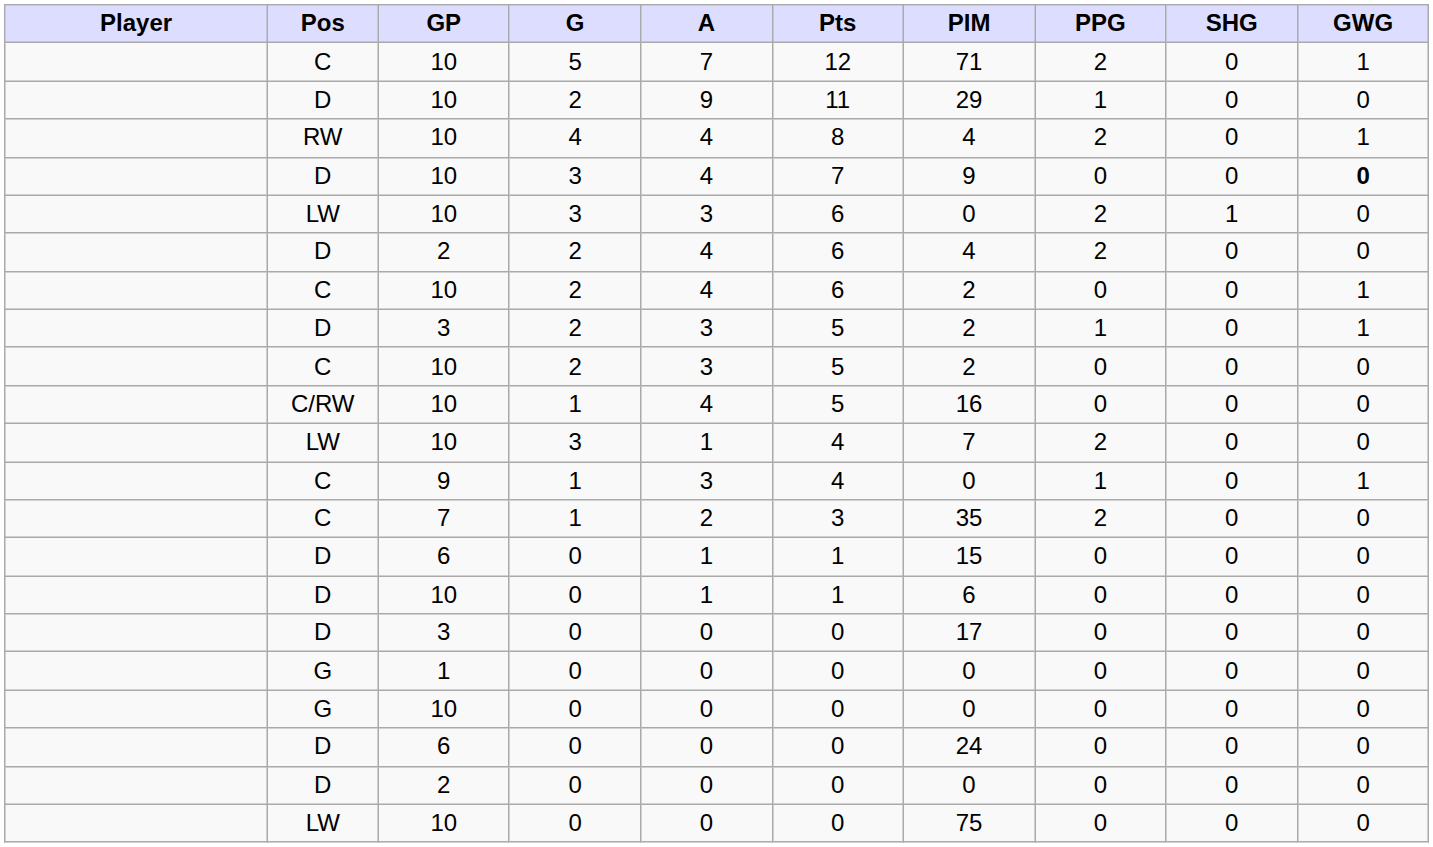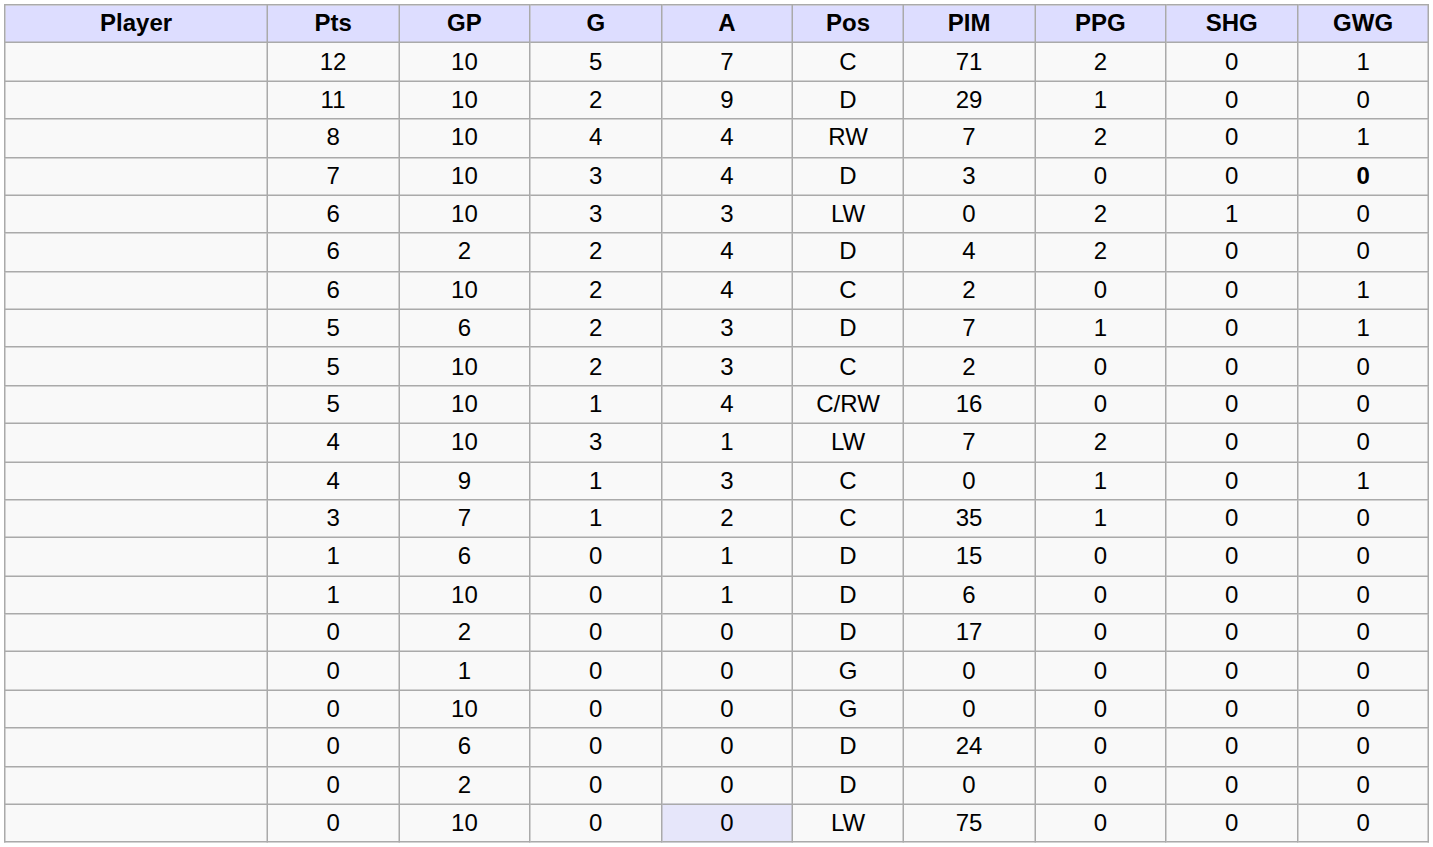 <table style="width:60%;" class="wikitable sortable">
 <tr style="text-align:center;">
 <th style="background:#ddf; width:10%;">Player</th>
-<th style="background:#ddf; width:3%;" title="Position">Pos</th>
+<th style="background:#ddf; width:5%;" title="Points">Pts</th>
 <th style="background:#ddf; width:5%;" title="Games played">GP</th>
 <th style="background:#ddf; width:5%;" title="Goals">G</th>
 <th style="background:#ddf; width:5%;" title="Assists">A</th>
-<th style="background:#ddf; width:5%;" title="Points">Pts</th>
+<th style="background:#ddf; width:3%;" title="Position">Pos</th>
 <th style="background:#ddf; width:5%;" title="Penalties in Minutes">PIM</th>
 <th style="background:#ddf; width:5%;" title="Power play goals">PPG</th>
 <th style="background:#ddf; width:5%;" title="Short-handed goals">SHG</th>
 <th style="background:#ddf; width:5%;" title="Game-winning goals">GWG</th>
 </tr>
 <tr style="text-align:center;">
 <td style="text-align:right;"></td>
-<td>C</td>
+<td>12</td>
 <td>10</td>
 <td>5</td>
 <td>7</td>
-<td>12</td>
+<td>C</td>
 <td>71</td>
 <td>2</td>
 <td>0</td>
 <td>1</td>
 </tr>
 <tr style="text-align:center;">
 <td style="text-align:right;"></td>
-<td>D</td>
+<td>11</td>
 <td>10</td>
 <td>2</td>
 <td>9</td>
-<td>11</td>
+<td>D</td>
 <td>29</td>
 <td>1</td>
 <td>0</td>
 <td>0</td>
 </tr>
 <tr style="text-align:center;">
 <td style="text-align:right;"></td>
-<td>RW</td>
+<td>8</td>
 <td>10</td>
 <td>4</td>
 <td>4</td>
-<td>8</td>
-<td>4</td>
+<td>RW</td>
+<td>7</td>
 <td>2</td>
 <td>0</td>
 <td>1</td>
 </tr>
 <tr style="text-align:center;">
 <td style="text-align:right;"></td>
-<td>D</td>
+<td>7</td>
 <td>10</td>
 <td>3</td>
 <td>4</td>
-<td>7</td>
-<td>9</td>
+<td>D</td>
+<td>3</td>
 <td>0</td>
 <td>0</td>
 <td><strong>0</strong></td>
 </tr>
 <tr style="text-align:center;">
 <td style="text-align:right;"></td>
-<td>LW</td>
+<td>6</td>
 <td>10</td>
 <td>3</td>
 <td>3</td>
-<td>6</td>
+<td>LW</td>
 <td>0</td>
 <td>2</td>
 <td>1</td>
 <td>0</td>
 </tr>
 <tr style="text-align:center;">
 <td style="text-align:right;"></td>
-<td>D</td>
+<td>6</td>
 <td>2</td>
 <td>2</td>
 <td>4</td>
-<td>6</td>
+<td>D</td>
 <td>4</td>
 <td>2</td>
 <td>0</td>
 <td>0</td>
 </tr>
 <tr style="text-align:center;">
 <td style="text-align:right;"></td>
-<td>C</td>
+<td>6</td>
 <td>10</td>
 <td>2</td>
 <td>4</td>
-<td>6</td>
+<td>C</td>
 <td>2</td>
 <td>0</td>
 <td>0</td>
 <td>1</td>
 </tr>
 <tr style="text-align:center;">
 <td style="text-align:right;"></td>
-<td>D</td>
-<td>3</td>
+<td>5</td>
+<td>6</td>
 <td>2</td>
 <td>3</td>
-<td>5</td>
-<td>2</td>
+<td>D</td>
+<td>7</td>
 <td>1</td>
 <td>0</td>
 <td>1</td>
 </tr>
 <tr style="text-align:center;">
 <td style="text-align:right;"></td>
-<td>C</td>
+<td>5</td>
 <td>10</td>
 <td>2</td>
 <td>3</td>
-<td>5</td>
+<td>C</td>
 <td>2</td>
 <td>0</td>
 <td>0</td>
 <td>0</td>
 </tr>
 <tr style="text-align:center;">
 <td style="text-align:right;"></td>
-<td>C/RW</td>
+<td>5</td>
 <td>10</td>
 <td>1</td>
 <td>4</td>
-<td>5</td>
+<td>C/RW</td>
 <td>16</td>
 <td>0</td>
 <td>0</td>
 <td>0</td>
 </tr>
 <tr style="text-align:center;">
 <td style="text-align:right;"></td>
-<td>LW</td>
+<td>4</td>
 <td>10</td>
 <td>3</td>
 <td>1</td>
-<td>4</td>
+<td>LW</td>
 <td>7</td>
 <td>2</td>
 <td>0</td>
 <td>0</td>
 </tr>
 <tr style="text-align:center;">
 <td style="text-align:right;"></td>
-<td>C</td>
+<td>4</td>
 <td>9</td>
 <td>1</td>
 <td>3</td>
-<td>4</td>
+<td>C</td>
 <td>0</td>
 <td>1</td>
 <td>0</td>
 <td>1</td>
 </tr>
 <tr style="text-align:center;">
 <td style="text-align:right;"></td>
-<td>C</td>
+<td>3</td>
 <td>7</td>
 <td>1</td>
 <td>2</td>
-<td>3</td>
+<td>C</td>
 <td>35</td>
-<td>2</td>
+<td>1</td>
 <td>0</td>
 <td>0</td>
 </tr>
 <tr style="text-align:center;">
 <td style="text-align:right;"></td>
-<td>D</td>
+<td>1</td>
 <td>6</td>
 <td>0</td>
 <td>1</td>
-<td>1</td>
+<td>D</td>
 <td>15</td>
 <td>0</td>
 <td>0</td>
 <td>0</td>
 </tr>
 <tr style="text-align:center;">
 <td style="text-align:right;"></td>
-<td>D</td>
+<td>1</td>
 <td>10</td>
 <td>0</td>
 <td>1</td>
-<td>1</td>
+<td>D</td>
 <td>6</td>
 <td>0</td>
 <td>0</td>
 <td>0</td>
 </tr>
 <tr style="text-align:center;">
 <td style="text-align:right;"></td>
-<td>D</td>
-<td>3</td>
+<td>0</td>
+<td>2</td>
 <td>0</td>
 <td>0</td>
-<td>0</td>
+<td>D</td>
 <td>17</td>
 <td>0</td>
 <td>0</td>
 <td>0</td>
 </tr>
 <tr style="text-align:center;">
 <td style="text-align:right;"></td>
-<td>G</td>
+<td>0</td>
 <td>1</td>
 <td>0</td>
 <td>0</td>
-<td>0</td>
+<td>G</td>
 <td>0</td>
 <td>0</td>
 <td>0</td>
 <td>0</td>
 </tr>
 <tr style="text-align:center;">
 <td style="text-align:right;"></td>
-<td>G</td>
+<td>0</td>
 <td>10</td>
 <td>0</td>
 <td>0</td>
-<td>0</td>
+<td>G</td>
 <td>0</td>
 <td>0</td>
 <td>0</td>
 <td>0</td>
 </tr>
 <tr style="text-align:center;">
 <td style="text-align:right;"></td>
-<td>D</td>
+<td>0</td>
 <td>6</td>
 <td>0</td>
 <td>0</td>
-<td>0</td>
+<td>D</td>
 <td>24</td>
 <td>0</td>
 <td>0</td>
 <td>0</td>
 </tr>
 <tr style="text-align:center;">
 <td style="text-align:right;"></td>
-<td>D</td>
+<td>0</td>
 <td>2</td>
 <td>0</td>
 <td>0</td>
-<td>0</td>
+<td>D</td>
 <td>0</td>
 <td>0</td>
 <td>0</td>
 <td>0</td>
 </tr>
 <tr style="text-align:center;">
 <td style="text-align:right;"></td>
-<td>LW</td>
+<td>0</td>
 <td>10</td>
 <td>0</td>
-<td>0</td>
-<td>0</td>
+<td style="background: lavender;">0</td>
+<td>LW</td>
 <td>75</td>
 <td>0</td>
 <td>0</td>
 <td>0</td>
 </tr>
 </table>
